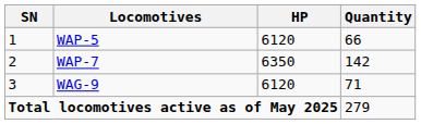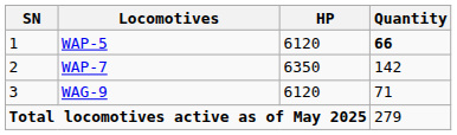 <table class="wikitable">
 <tr>
 <th>SN</th>
 <th>Locomotives</th>
 <th>HP</th>
 <th>Quantity</th>
 </tr>
 <tr>
 <td>1</td>
 <td><a href='#'>WAP-5</a></td>
 <td>6120</td>
-<td>66</td>
+<td><strong>66</strong></td>
 </tr>
 <tr>
 <td>2</td>
 <td><a href='#'>WAP-7</a></td>
 <td>6350</td>
 <td>142</td>
 </tr>
 <tr>
 <td>3</td>
 <td><a href='#'>WAG-9</a></td>
 <td>6120</td>
 <td>71</td>
 </tr>
 <tr>
 <td colspan="3"><strong>Total locomotives active as of May 2025</strong></td>
 <td>279</td>
 </tr>
 </table>
